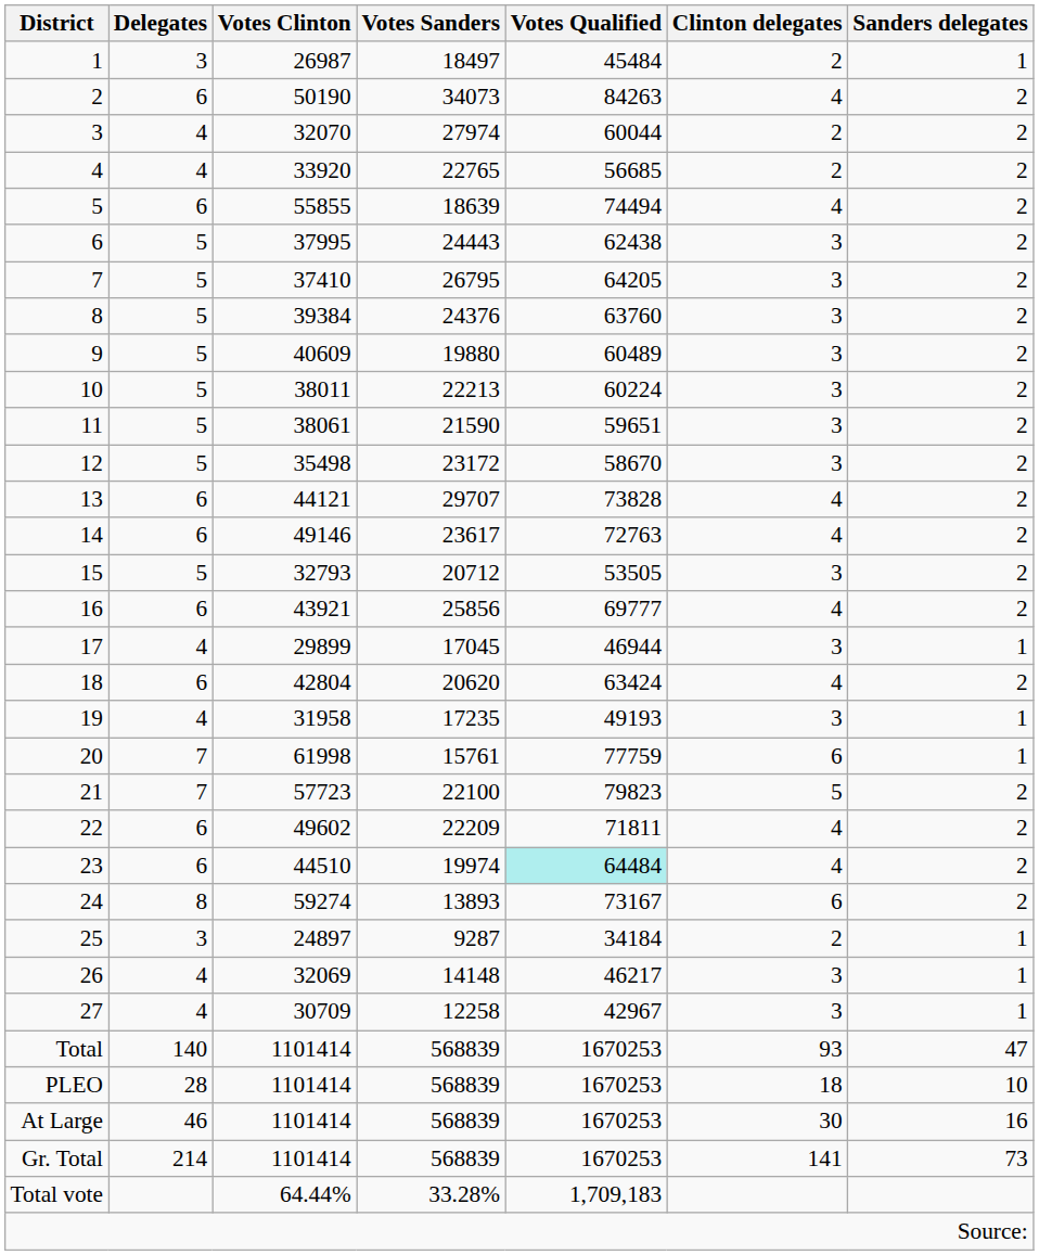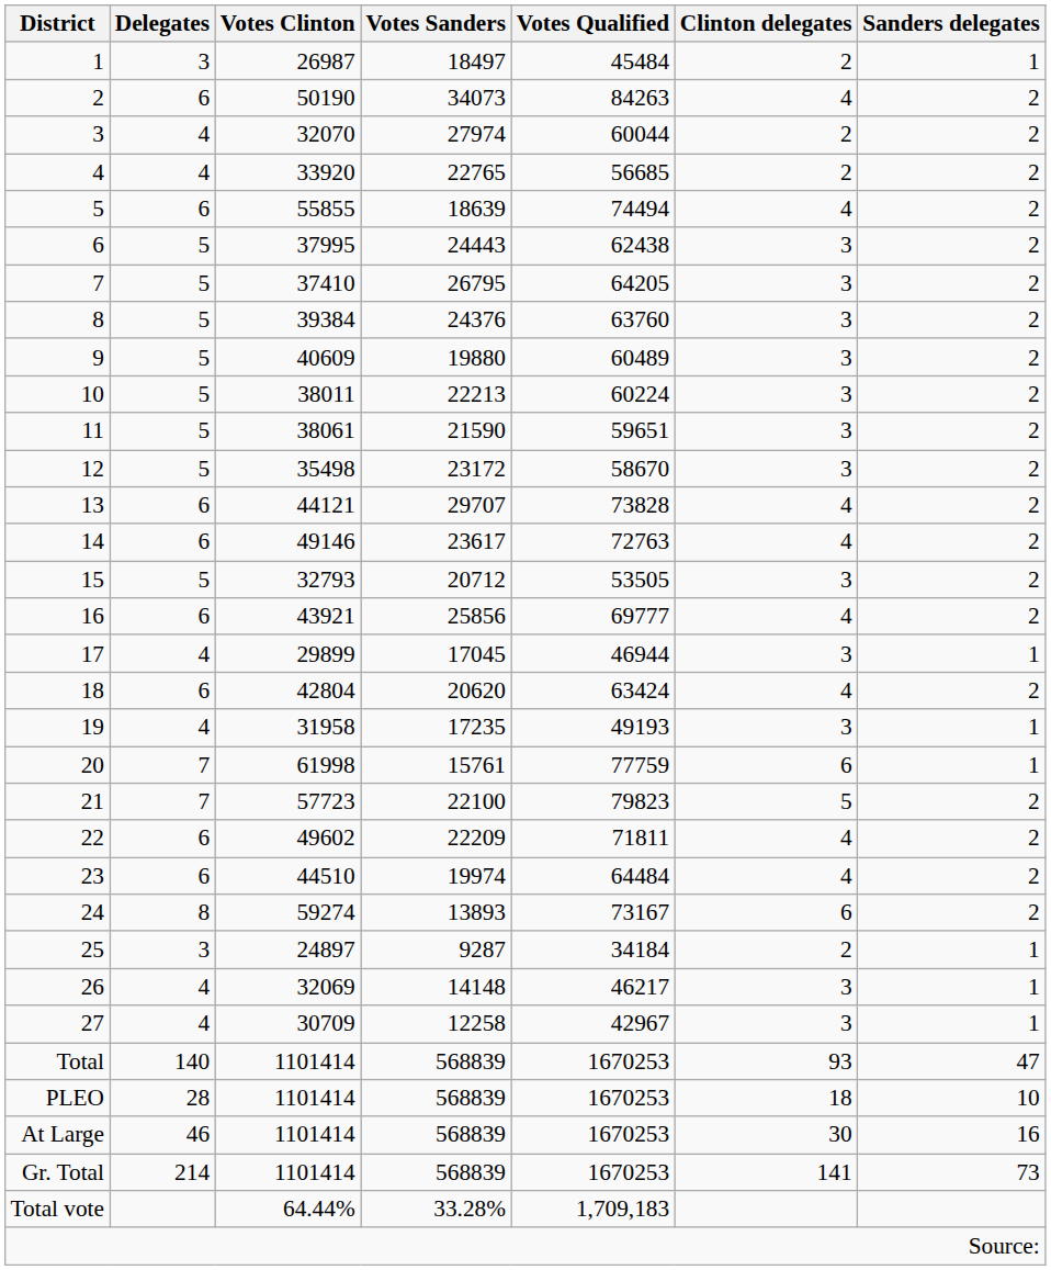 <table class="wikitable" style="text-align:right;">
 <tr>
 <th>District</th>
 <th>Delegates</th>
 <th>Votes Clinton</th>
 <th>Votes Sanders</th>
 <th>Votes Qualified</th>
 <th>Clinton delegates</th>
 <th>Sanders delegates</th>
 </tr>
 <tr>
 <td>1</td>
 <td>3</td>
 <td>26987</td>
 <td>18497</td>
 <td>45484</td>
 <td>2</td>
 <td>1</td>
 </tr>
 <tr>
 <td>2</td>
 <td>6</td>
 <td>50190</td>
 <td>34073</td>
 <td>84263</td>
 <td>4</td>
 <td>2</td>
 </tr>
 <tr>
 <td>3</td>
 <td>4</td>
 <td>32070</td>
 <td>27974</td>
 <td>60044</td>
 <td>2</td>
 <td>2</td>
 </tr>
 <tr>
 <td>4</td>
 <td>4</td>
 <td>33920</td>
 <td>22765</td>
 <td>56685</td>
 <td>2</td>
 <td>2</td>
 </tr>
 <tr>
 <td>5</td>
 <td>6</td>
 <td>55855</td>
 <td>18639</td>
 <td>74494</td>
 <td>4</td>
 <td>2</td>
 </tr>
 <tr>
 <td>6</td>
 <td>5</td>
 <td>37995</td>
 <td>24443</td>
 <td>62438</td>
 <td>3</td>
 <td>2</td>
 </tr>
 <tr>
 <td>7</td>
 <td>5</td>
 <td>37410</td>
 <td>26795</td>
 <td>64205</td>
 <td>3</td>
 <td>2</td>
 </tr>
 <tr>
 <td>8</td>
 <td>5</td>
 <td>39384</td>
 <td>24376</td>
 <td>63760</td>
 <td>3</td>
 <td>2</td>
 </tr>
 <tr>
 <td>9</td>
 <td>5</td>
 <td>40609</td>
 <td>19880</td>
 <td>60489</td>
 <td>3</td>
 <td>2</td>
 </tr>
 <tr>
 <td>10</td>
 <td>5</td>
 <td>38011</td>
 <td>22213</td>
 <td>60224</td>
 <td>3</td>
 <td>2</td>
 </tr>
 <tr>
 <td>11</td>
 <td>5</td>
 <td>38061</td>
 <td>21590</td>
 <td>59651</td>
 <td>3</td>
 <td>2</td>
 </tr>
 <tr>
 <td>12</td>
 <td>5</td>
 <td>35498</td>
 <td>23172</td>
 <td>58670</td>
 <td>3</td>
 <td>2</td>
 </tr>
 <tr>
 <td>13</td>
 <td>6</td>
 <td>44121</td>
 <td>29707</td>
 <td>73828</td>
 <td>4</td>
 <td>2</td>
 </tr>
 <tr>
 <td>14</td>
 <td>6</td>
 <td>49146</td>
 <td>23617</td>
 <td>72763</td>
 <td>4</td>
 <td>2</td>
 </tr>
 <tr>
 <td>15</td>
 <td>5</td>
 <td>32793</td>
 <td>20712</td>
 <td>53505</td>
 <td>3</td>
 <td>2</td>
 </tr>
 <tr>
 <td>16</td>
 <td>6</td>
 <td>43921</td>
 <td>25856</td>
 <td>69777</td>
 <td>4</td>
 <td>2</td>
 </tr>
 <tr>
 <td>17</td>
 <td>4</td>
 <td>29899</td>
 <td>17045</td>
 <td>46944</td>
 <td>3</td>
 <td>1</td>
 </tr>
 <tr>
 <td>18</td>
 <td>6</td>
 <td>42804</td>
 <td>20620</td>
 <td>63424</td>
 <td>4</td>
 <td>2</td>
 </tr>
 <tr>
 <td>19</td>
 <td>4</td>
 <td>31958</td>
 <td>17235</td>
 <td>49193</td>
 <td>3</td>
 <td>1</td>
 </tr>
 <tr>
 <td>20</td>
 <td>7</td>
 <td>61998</td>
 <td>15761</td>
 <td>77759</td>
 <td>6</td>
 <td>1</td>
 </tr>
 <tr>
 <td>21</td>
 <td>7</td>
 <td>57723</td>
 <td>22100</td>
 <td>79823</td>
 <td>5</td>
 <td>2</td>
 </tr>
 <tr>
 <td>22</td>
 <td>6</td>
 <td>49602</td>
 <td>22209</td>
 <td>71811</td>
 <td>4</td>
 <td>2</td>
 </tr>
 <tr>
 <td>23</td>
 <td>6</td>
 <td>44510</td>
 <td>19974</td>
-<td style="background: paleturquoise;">64484</td>
+<td>64484</td>
 <td>4</td>
 <td>2</td>
 </tr>
 <tr>
 <td>24</td>
 <td>8</td>
 <td>59274</td>
 <td>13893</td>
 <td>73167</td>
 <td>6</td>
 <td>2</td>
 </tr>
 <tr>
 <td>25</td>
 <td>3</td>
 <td>24897</td>
 <td>9287</td>
 <td>34184</td>
 <td>2</td>
 <td>1</td>
 </tr>
 <tr>
 <td>26</td>
 <td>4</td>
 <td>32069</td>
 <td>14148</td>
 <td>46217</td>
 <td>3</td>
 <td>1</td>
 </tr>
 <tr>
 <td>27</td>
 <td>4</td>
 <td>30709</td>
 <td>12258</td>
 <td>42967</td>
 <td>3</td>
 <td>1</td>
 </tr>
 <tr>
 <td>Total</td>
 <td>140</td>
 <td>1101414</td>
 <td>568839</td>
 <td>1670253</td>
 <td>93</td>
 <td>47</td>
 </tr>
 <tr>
 <td>PLEO</td>
 <td>28</td>
 <td>1101414</td>
 <td>568839</td>
 <td>1670253</td>
 <td>18</td>
 <td>10</td>
 </tr>
 <tr>
 <td>At Large</td>
 <td>46</td>
 <td>1101414</td>
 <td>568839</td>
 <td>1670253</td>
 <td>30</td>
 <td>16</td>
 </tr>
 <tr>
 <td>Gr. Total</td>
 <td>214</td>
 <td>1101414</td>
 <td>568839</td>
 <td>1670253</td>
 <td>141</td>
 <td>73</td>
 </tr>
 <tr>
 <td>Total vote</td>
 <td></td>
 <td>64.44%</td>
 <td>33.28%</td>
 <td>1,709,183</td>
 <td></td>
 <td></td>
 </tr>
 <tr>
 <td colspan="7">Source: <em></em></td>
 </tr>
 </table>
